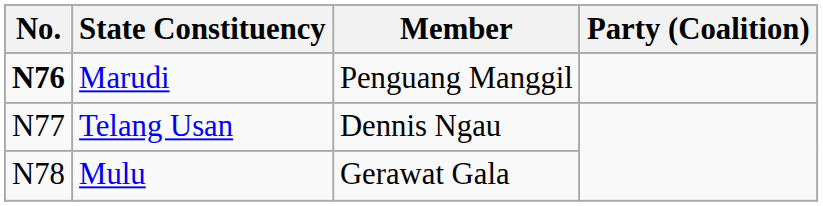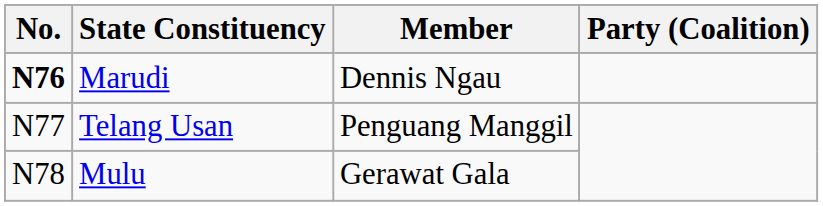 <table class="wikitable">
 <tr>
 <th>No.</th>
 <th>State Constituency</th>
 <th>Member</th>
 <th>Party (Coalition)</th>
 </tr>
 <tr>
 <td><strong>N76</strong></td>
 <td><a href='#'>Marudi</a></td>
-<td>Penguang Manggil</td>
+<td>Dennis Ngau</td>
 <td style="background:"></td>
 </tr>
 <tr>
 <td>N77</td>
 <td><a href='#'>Telang Usan</a></td>
-<td>Dennis Ngau</td>
+<td>Penguang Manggil</td>
 <td rowspan="2" style="background:"></td>
 </tr>
 <tr>
 <td>N78</td>
 <td><a href='#'>Mulu</a></td>
 <td>Gerawat Gala</td>
 </tr>
 </table>
